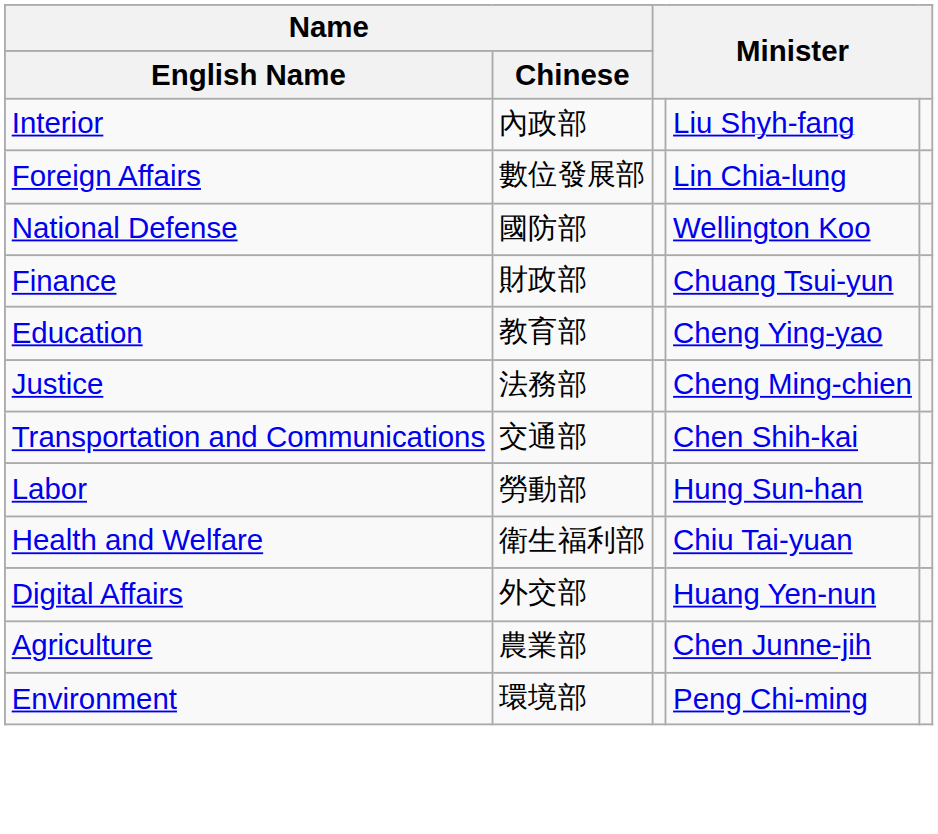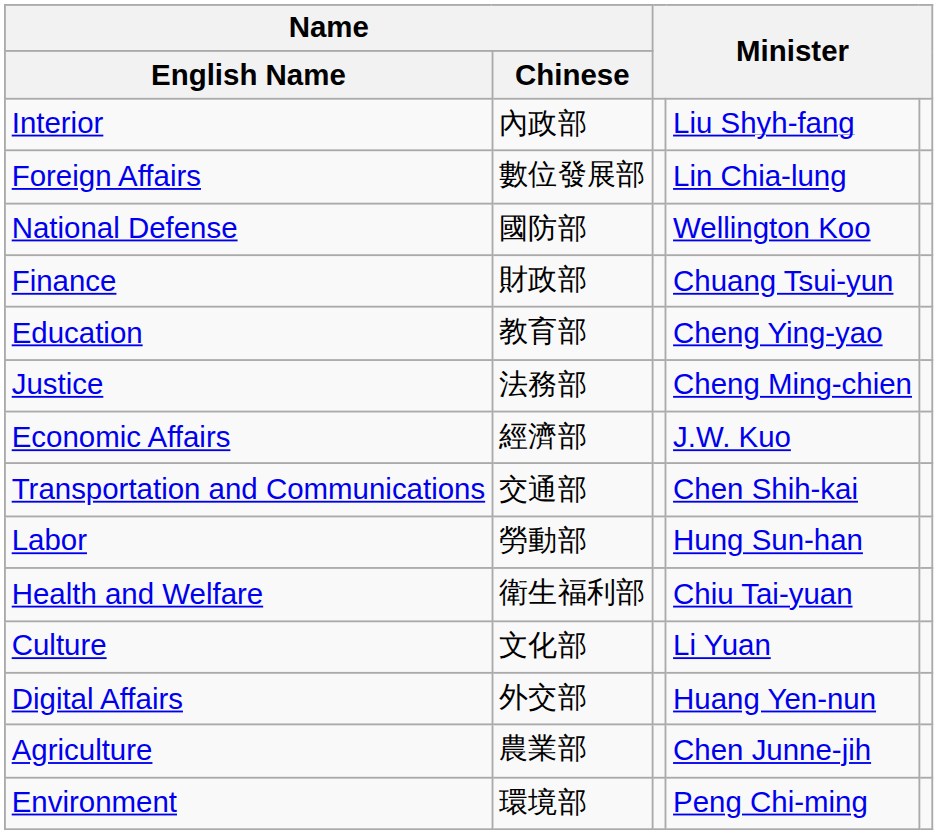 <table class="wikitable sortable">
 <tr>
 <th colspan="2">Name</th>
 <th colspan="3" rowspan="2">Minister</th>
 </tr>
 <tr>
 <th>English Name</th>
 <th>Chinese</th>
 </tr>
 <tr>
 <td><a href='#'>Interior</a></td>
 <td>內政部</td>
 <td style="background:"></td>
 <td><a href='#'>Liu Shyh-fang</a></td>
 <td></td>
 </tr>
 <tr>
 <td><a href='#'>Foreign Affairs</a></td>
 <td>數位發展部</td>
 <td style="background:"></td>
 <td><a href='#'>Lin Chia-lung</a></td>
 <td></td>
 </tr>
 <tr>
 <td><a href='#'>National Defense</a></td>
 <td>國防部</td>
 <td style="background:"></td>
 <td><a href='#'>Wellington Koo</a></td>
 <td></td>
 </tr>
 <tr>
 <td><a href='#'>Finance</a></td>
 <td>財政部</td>
 <td style="background:"></td>
 <td><a href='#'>Chuang Tsui-yun</a></td>
 <td></td>
 </tr>
 <tr>
 <td><a href='#'>Education</a></td>
 <td>教育部</td>
 <td style="background:"></td>
 <td><a href='#'>Cheng Ying-yao</a></td>
 <td></td>
 </tr>
 <tr>
 <td><a href='#'>Justice</a></td>
 <td>法務部</td>
 <td style="background:"></td>
 <td><a href='#'>Cheng Ming-chien</a></td>
 <td></td>
 </tr>
 <tr>
+<td><a href='#'>Economic Affairs</a></td>
+<td>經濟部</td>
+<td style="background:"></td>
+<td><a href='#'>J.W. Kuo</a></td>
+<td></td>
+</tr>
+<tr>
 <td><a href='#'>Transportation and Communications</a></td>
 <td>交通部</td>
 <td style="background:"></td>
 <td><a href='#'>Chen Shih-kai</a></td>
 <td></td>
 </tr>
 <tr>
 <td><a href='#'>Labor</a></td>
 <td>勞動部</td>
 <td style="background:"></td>
 <td><a href='#'>Hung Sun-han</a></td>
 <td></td>
 </tr>
 <tr>
 <td><a href='#'>Health and Welfare</a></td>
 <td>衛生福利部</td>
 <td style="background:"></td>
 <td><a href='#'>Chiu Tai-yuan</a></td>
+<td></td>
+</tr>
+<tr>
+<td><a href='#'>Culture</a></td>
+<td>文化部</td>
+<td style="background:"></td>
+<td><a href='#'>Li Yuan</a></td>
 <td></td>
 </tr>
 <tr>
 <td><a href='#'>Digital Affairs</a></td>
 <td>外交部</td>
 <td style="background:"></td>
 <td><a href='#'>Huang Yen-nun</a></td>
 <td></td>
 </tr>
 <tr>
 <td><a href='#'>Agriculture</a></td>
 <td>農業部</td>
 <td style="background:"></td>
 <td><a href='#'>Chen Junne-jih</a></td>
 <td></td>
 </tr>
 <tr>
 <td><a href='#'>Environment</a></td>
 <td>環境部</td>
 <td style="background:"></td>
 <td><a href='#'>Peng Chi-ming</a></td>
 <td></td>
 </tr>
 </table>
